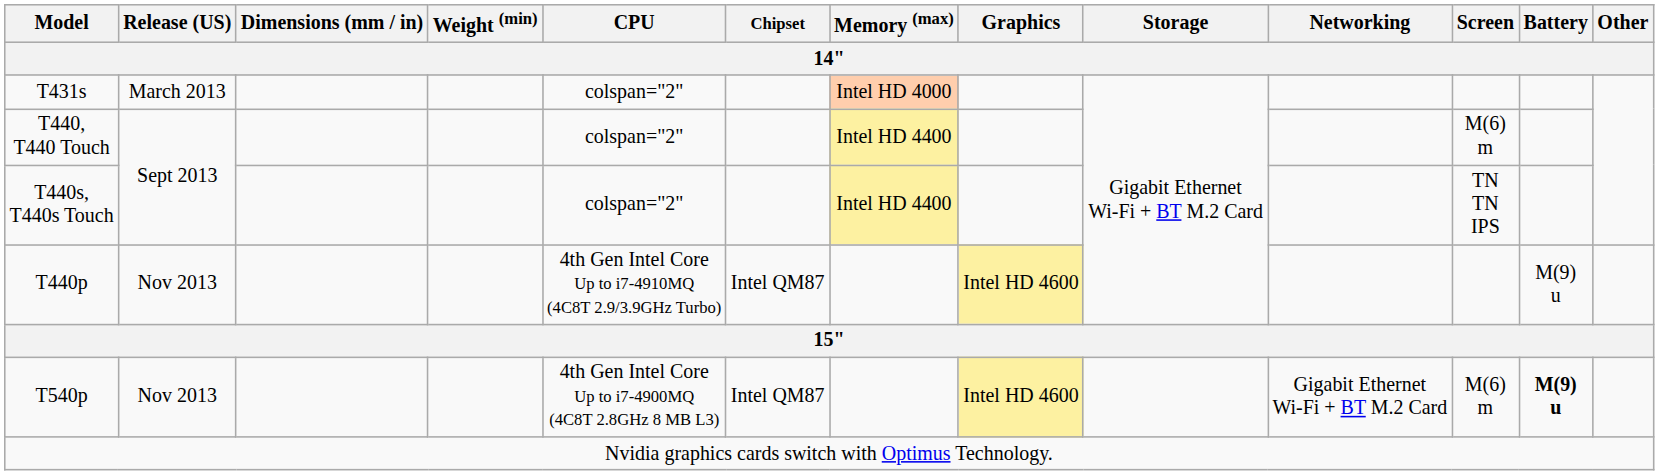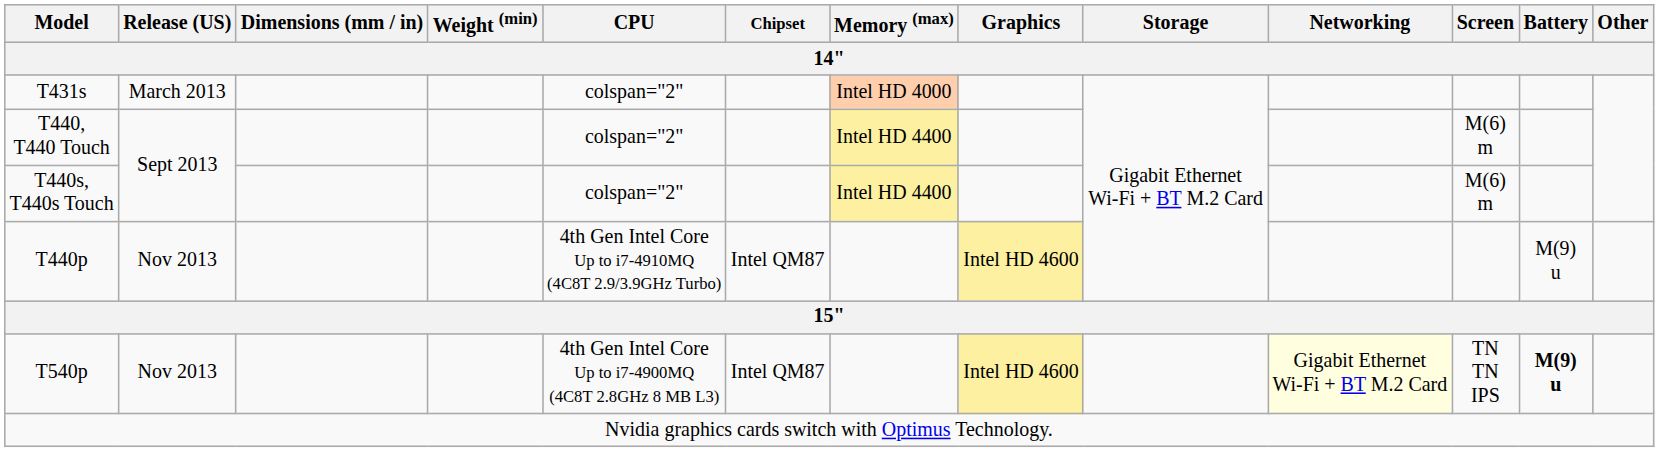 <table class="wikitable" style="font-size: 80%; text-align: center; min-width: 80%;">
 <tr>
 <th>Model</th>
 <th>Release (US)</th>
 <th>Dimensions (mm / in)</th>
 <th>Weight <sup>(min)</sup></th>
 <th>CPU</th>
 <th><small>Chipset</small></th>
 <th>Memory <sup>(max)</sup></th>
 <th>Graphics</th>
 <th>Storage</th>
 <th>Networking</th>
 <th>Screen</th>
 <th>Battery</th>
 <th>Other</th>
 </tr>
 <tr>
 <th colspan="13">14"</th>
 </tr>
 <tr>
 <td>T431s</td>
 <td>March 2013</td>
 <td></td>
 <td></td>
 <td>colspan="2" </td>
 <td></td>
 <td style="background:#ffcead;">Intel HD 4000</td>
 <td></td>
 <td rowspan="4">Gigabit Ethernet<br>Wi-Fi + <a href='#'>BT</a> M.2 Card<br><small></small></td>
 <td></td>
 <td></td>
 <td></td>
 </tr>
 <tr>
 <td>T440, <br>T440 Touch</td>
 <td rowspan="2">Sept 2013</td>
 <td></td>
 <td></td>
 <td>colspan="2" </td>
 <td></td>
 <td style="background:#fdf1a1;">Intel HD 4400 <br></td>
 <td></td>
 <td></td>
 <td style="background:">M(6)<br>m</td>
 <td></td>
 </tr>
 <tr>
 <td>T440s, <br>T440s Touch</td>
 <td></td>
 <td></td>
 <td>colspan="2" </td>
 <td></td>
 <td style="background:#fdf1a1;">Intel HD 4400 <br></td>
 <td></td>
 <td></td>
-<td style="background:"> TN <br> TN <br> IPS</td>
+<td style="background:">M(6)<br>m</td>
 <td></td>
 </tr>
 <tr>
 <td>T440p</td>
 <td>Nov 2013</td>
 <td></td>
 <td></td>
 <td style="background:">4th Gen Intel Core<br> <small>Up to i7-4910MQ<br>(4C8T 2.9/3.9GHz Turbo)</small></td>
 <td>Intel QM87</td>
 <td></td>
 <td style="background:#fdf1a1;">Intel HD 4600 <br></td>
 <td></td>
 <td></td>
 <td style="background:">M(9)<br>u</td>
 <td></td>
 </tr>
 <tr>
 <th colspan="13">15"</th>
 </tr>
 <tr>
 <td>T540p</td>
 <td>Nov 2013</td>
 <td></td>
 <td></td>
 <td style="background:">4th Gen Intel Core<br><small>Up to i7-4900MQ <br>(4C8T 2.8GHz 8 MB L3)</small></td>
 <td>Intel QM87</td>
 <td></td>
 <td style="background:#fdf1a1;">Intel HD 4600 <br></td>
 <td></td>
-<td>Gigabit Ethernet<br>Wi-Fi + <a href='#'>BT</a> M.2 Card<br><small></small></td>
-<td style="background:">M(6)<br>m</td>
+<td style="background: lightyellow;">Gigabit Ethernet<br>Wi-Fi + <a href='#'>BT</a> M.2 Card<br><small></small></td>
+<td style="background:"> TN <br> TN <br> IPS</td>
 <td style="background:"><strong>M(9)<br>u</strong></td>
 <td></td>
 </tr>
 <tr>
 <td colspan="13">Nvidia graphics cards switch with <a href='#'>Optimus</a> Technology.</td>
 </tr>
 </table>
